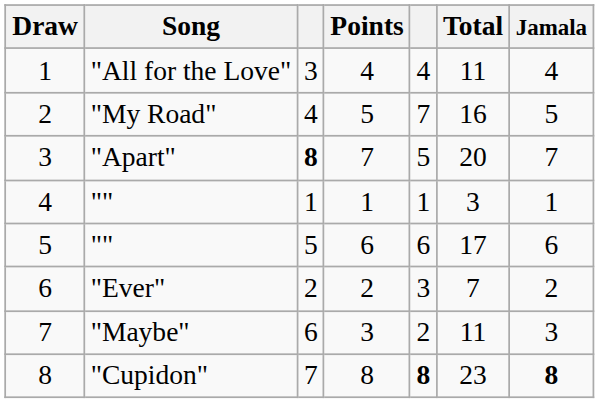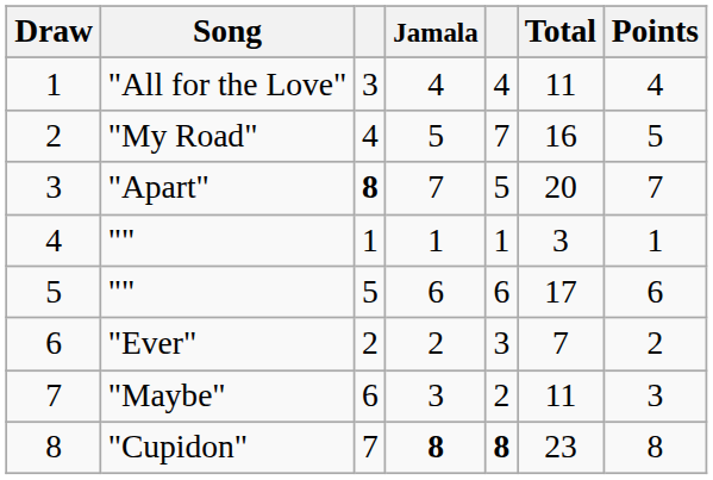 <table class="wikitable collapsible" style="float:right; margin:10px; text-align:center;">
 <tr>
 <th>Draw</th>
 <th>Song</th>
 <th><small></small></th>
-<th>Points</th>
+<th><small>Jamala</small></th>
 <th><small></small></th>
 <th>Total</th>
-<th><small>Jamala</small></th>
+<th>Points</th>
 </tr>
 <tr>
 <td>1</td>
 <td align="left">"All for the Love"</td>
 <td>3</td>
 <td>4</td>
 <td>4</td>
 <td>11</td>
 <td>4</td>
 </tr>
 <tr>
 <td>2</td>
 <td align="left">"My Road"</td>
 <td>4</td>
 <td>5</td>
 <td>7</td>
 <td>16</td>
 <td>5</td>
 </tr>
 <tr>
 <td>3</td>
 <td align="left">"Apart"</td>
 <td><strong>8</strong></td>
 <td>7</td>
 <td>5</td>
 <td>20</td>
 <td>7</td>
 </tr>
 <tr>
 <td>4</td>
 <td align="left">""</td>
 <td>1</td>
 <td>1</td>
 <td>1</td>
 <td>3</td>
 <td>1</td>
 </tr>
 <tr>
 <td>5</td>
 <td align="left">""</td>
 <td>5</td>
 <td>6</td>
 <td>6</td>
 <td>17</td>
 <td>6</td>
 </tr>
 <tr>
 <td>6</td>
 <td align="left">"Ever"</td>
 <td>2</td>
 <td>2</td>
 <td>3</td>
 <td>7</td>
 <td>2</td>
 </tr>
 <tr>
 <td>7</td>
 <td align="left">"Maybe"</td>
 <td>6</td>
 <td>3</td>
 <td>2</td>
 <td>11</td>
 <td>3</td>
 </tr>
 <tr>
 <td>8</td>
 <td align="left">"Cupidon"</td>
 <td>7</td>
-<td>8</td>
+<td><strong>8</strong></td>
 <td><strong>8</strong></td>
 <td>23</td>
-<td><strong>8</strong></td>
+<td>8</td>
 </tr>
 </table>
